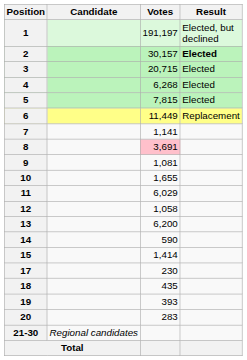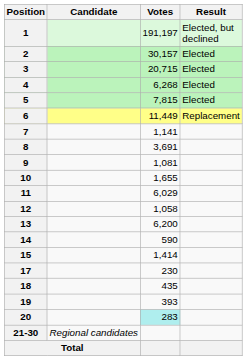 <table class="wikitable sortable">
 <tr>
 <th scope="col">Position</th>
 <th scope="col">Candidate</th>
 <th scope="col">Votes</th>
 <th scope="col">Result</th>
 </tr>
 <tr bgcolor=dcf9dc>
 <th scope="row">1</th>
 <td></td>
 <td style="text-align:right">191,197</td>
 <td>Elected, but<br>declined</td>
 </tr>
 <tr bgcolor=bbf3bb>
 <th scope="row">2</th>
 <td></td>
 <td style="text-align:right">30,157</td>
-<td><strong>Elected</strong></td>
+<td>Elected</td>
 </tr>
 <tr bgcolor=bbf3bb>
 <th scope="row">3</th>
 <td></td>
 <td style="text-align:right">20,715</td>
 <td>Elected</td>
 </tr>
 <tr bgcolor=bbf3bb>
 <th scope="row">4</th>
 <td></td>
 <td style="text-align:right">6,268</td>
 <td>Elected</td>
 </tr>
 <tr bgcolor=bbf3bb>
 <th scope="row">5</th>
 <td></td>
 <td style="text-align:right">7,815</td>
 <td>Elected</td>
 </tr>
 <tr bgcolor=#FF8>
 <th scope="row">6</th>
 <td></td>
 <td style="text-align:right">11,449</td>
 <td>Replacement</td>
 </tr>
 <tr>
 <th scope="row">7</th>
 <td></td>
 <td style="text-align:right">1,141</td>
 <td></td>
 </tr>
 <tr>
 <th scope="row">8</th>
 <td></td>
-<td style="background: pink; text-align:right">3,691</td>
+<td style="text-align:right">3,691</td>
 <td></td>
 </tr>
 <tr>
 <th scope="row">9</th>
 <td></td>
 <td style="text-align:right">1,081</td>
 <td></td>
 </tr>
 <tr>
 <th scope="row">10</th>
 <td></td>
 <td style="text-align:right">1,655</td>
 <td></td>
 </tr>
 <tr>
 <th scope="row">11</th>
 <td></td>
 <td style="text-align:right">6,029</td>
 <td></td>
 </tr>
 <tr>
 <th scope="row">12</th>
 <td></td>
 <td style="text-align:right">1,058</td>
 <td></td>
 </tr>
 <tr>
 <th scope="row">13</th>
 <td></td>
 <td style="text-align:right">6,200</td>
 <td></td>
 </tr>
 <tr>
 <th scope="row">14</th>
 <td></td>
 <td style="text-align:right">590</td>
 <td></td>
 </tr>
 <tr>
 <th scope="row">15</th>
 <td></td>
 <td style="text-align:right">1,414</td>
 <td></td>
 </tr>
 <tr>
 <th scope="row">17</th>
 <td></td>
 <td style="text-align:right">230</td>
 <td></td>
 </tr>
 <tr>
 <th scope="row">18</th>
 <td></td>
 <td style="text-align:right">435</td>
 <td></td>
 </tr>
 <tr>
 <th scope="row">19</th>
 <td></td>
 <td style="text-align:right">393</td>
 <td></td>
 </tr>
 <tr>
 <th scope="row">20</th>
 <td></td>
-<td style="text-align:right">283</td>
+<td style="background: paleturquoise; text-align:right">283</td>
 <td></td>
 </tr>
 <tr>
 <th scope="row">21-30</th>
 <td><em>Regional candidates</em></td>
 <td style="text-align:right"></td>
 <td></td>
 </tr>
 <tr class="sortbottom">
 <th scope="row" colspan="2">Total</th>
 <th style="text-align:right"></th>
 <th></th>
 </tr>
 </table>
